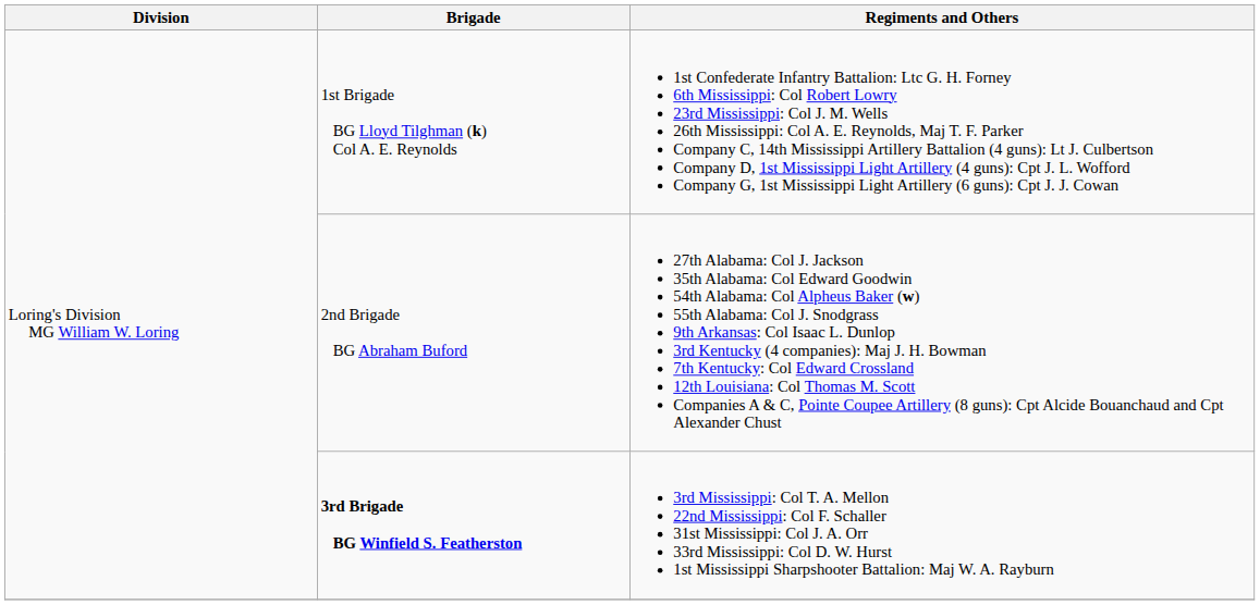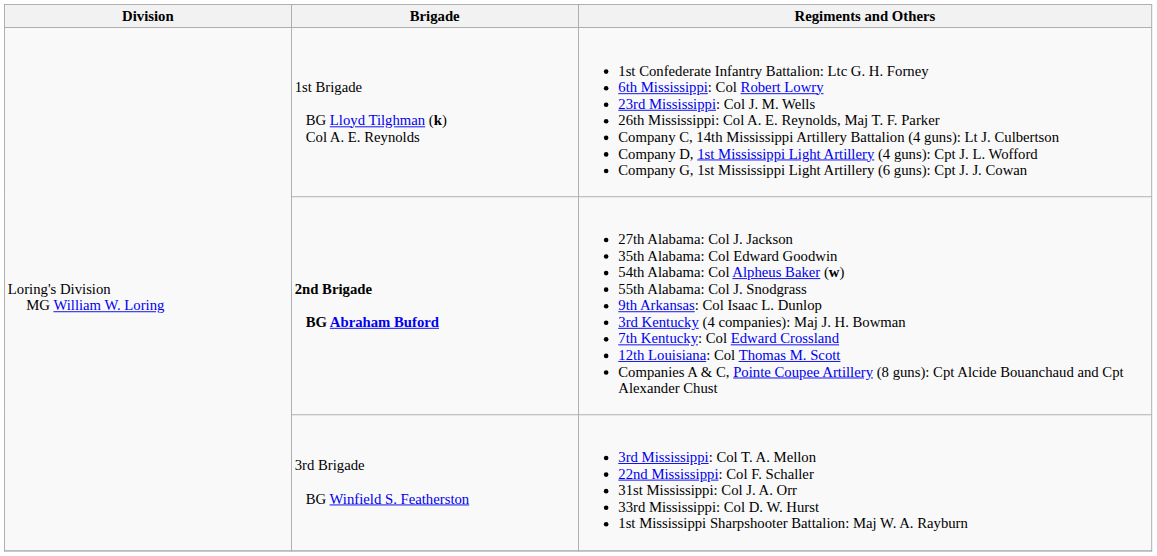 <table class="wikitable">
 <tr>
 <th width=25%>Division</th>
 <th width=25%>Brigade</th>
 <th>Regiments and Others</th>
 </tr>
 <tr>
 <td rowspan=3><br>Loring's Division <br>     MG <a href='#'>William W. Loring</a><br></td>
 <td>1st Brigade<br><br>   BG <a href='#'>Lloyd Tilghman</a> (<strong>k</strong>)<br>   Col A. E. Reynolds</td>
 <td><br><ul><li>1st Confederate Infantry Battalion: Ltc G. H. Forney</li><li><a href='#'>6th Mississippi</a>: Col <a href='#'>Robert Lowry</a></li><li><a href='#'>23rd Mississippi</a>: Col J. M. Wells</li><li>26th Mississippi: Col A. E. Reynolds, Maj T. F. Parker</li><li>Company C, 14th Mississippi Artillery Battalion (4 guns): Lt J. Culbertson</li><li>Company D, <a href='#'>1st Mississippi Light Artillery</a> (4 guns): Cpt J. L. Wofford</li><li>Company G, 1st Mississippi Light Artillery (6 guns): Cpt J. J. Cowan</li></ul></td>
 </tr>
 <tr>
-<td>2nd Brigade<br><br>   BG <a href='#'>Abraham Buford</a></td>
+<td><strong>2nd Brigade<br><br>   BG <a href='#'>Abraham Buford</a></strong></td>
 <td><br><ul><li>27th Alabama: Col J. Jackson</li><li>35th Alabama: Col Edward Goodwin</li><li>54th Alabama: Col <a href='#'>Alpheus Baker</a> (<strong>w</strong>)</li><li>55th Alabama: Col J. Snodgrass</li><li><a href='#'>9th Arkansas</a>: Col Isaac L. Dunlop</li><li><a href='#'>3rd Kentucky</a> (4 companies): Maj J. H. Bowman</li><li><a href='#'>7th Kentucky</a>: Col <a href='#'>Edward Crossland</a></li><li><a href='#'>12th Louisiana</a>: Col <a href='#'>Thomas M. Scott</a></li><li>Companies A & C, <a href='#'>Pointe Coupee Artillery</a> (8 guns): Cpt Alcide Bouanchaud and Cpt Alexander Chust</li></ul></td>
 </tr>
 <tr>
-<td><strong>3rd Brigade<br><br>   BG <a href='#'>Winfield S. Featherston</a></strong></td>
+<td>3rd Brigade<br><br>   BG <a href='#'>Winfield S. Featherston</a></td>
 <td><br><ul><li><a href='#'>3rd Mississippi</a>: Col T. A. Mellon</li><li><a href='#'>22nd Mississippi</a>: Col F. Schaller</li><li>31st Mississippi: Col J. A. Orr</li><li>33rd Mississippi: Col D. W. Hurst</li><li>1st Mississippi Sharpshooter Battalion: Maj W. A. Rayburn</li></ul></td>
 </tr>
 <tr>
 </tr>
 </table>
